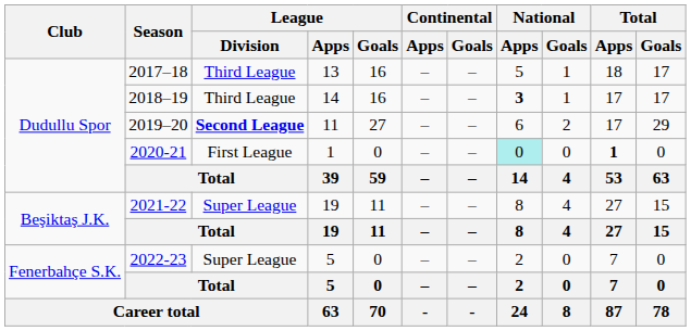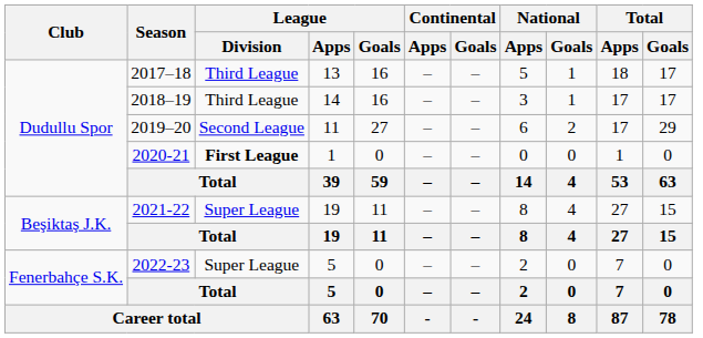 <table class="wikitable" style="text-align: center;">
 <tr>
 <th rowspan=2>Club</th>
 <th rowspan=2>Season</th>
 <th colspan=3>League</th>
 <th colspan=2>Continental</th>
 <th colspan=2>National</th>
 <th colspan=2>Total</th>
 </tr>
 <tr>
 <th>Division</th>
 <th>Apps</th>
 <th>Goals</th>
 <th>Apps</th>
 <th>Goals</th>
 <th>Apps</th>
 <th>Goals</th>
 <th>Apps</th>
 <th>Goals</th>
 </tr>
 <tr>
 <td rowspan=5><a href='#'>Dudullu Spor</a></td>
 <td>2017–18</td>
 <td><a href='#'>Third League</a></td>
 <td>13</td>
 <td>16</td>
 <td>–</td>
 <td>–</td>
 <td>5</td>
 <td>1</td>
 <td>18</td>
 <td>17</td>
 </tr>
 <tr>
 <td>2018–19</td>
 <td>Third League</td>
 <td>14</td>
 <td>16</td>
 <td>–</td>
 <td>–</td>
-<td><strong>3</strong></td>
+<td>3</td>
 <td>1</td>
 <td>17</td>
 <td>17</td>
 </tr>
 <tr>
 <td>2019–20</td>
-<td><strong><a href='#'>Second League</a></strong></td>
+<td><a href='#'>Second League</a></td>
 <td>11</td>
 <td>27</td>
 <td>–</td>
 <td>–</td>
 <td>6</td>
 <td>2</td>
 <td>17</td>
 <td>29</td>
 </tr>
 <tr>
 <td><a href='#'>2020-21</a></td>
-<td>First League</td>
+<td><strong>First League</strong></td>
 <td>1</td>
 <td>0</td>
 <td>–</td>
 <td>–</td>
-<td style="background: paleturquoise;">0</td>
 <td>0</td>
-<td><strong>1</strong></td>
+<td>0</td>
+<td>1</td>
 <td>0</td>
 </tr>
 <tr>
 <th colspan=2>Total</th>
 <th>39</th>
 <th>59</th>
 <th>–</th>
 <th>–</th>
 <th>14</th>
 <th>4</th>
 <th>53</th>
 <th>63</th>
 </tr>
 <tr>
 <td rowspan=2><a href='#'>Beşiktaş J.K.</a></td>
 <td><a href='#'>2021-22</a></td>
 <td><a href='#'>Super League</a></td>
 <td>19</td>
 <td>11</td>
 <td>–</td>
 <td>–</td>
 <td>8</td>
 <td>4</td>
 <td>27</td>
 <td>15</td>
 </tr>
 <tr>
 <th colspan=2>Total</th>
 <th>19</th>
 <th>11</th>
 <th>–</th>
 <th>–</th>
 <th>8</th>
 <th>4</th>
 <th>27</th>
 <th>15</th>
 </tr>
 <tr>
 <td rowspan=2><a href='#'>Fenerbahçe S.K.</a></td>
 <td><a href='#'>2022-23</a></td>
 <td>Super League</td>
 <td>5</td>
 <td>0</td>
 <td>–</td>
 <td>–</td>
 <td>2</td>
 <td>0</td>
 <td>7</td>
 <td>0</td>
 </tr>
 <tr>
 <th colspan=2>Total</th>
 <th>5</th>
 <th>0</th>
 <th>–</th>
 <th>–</th>
 <th>2</th>
 <th>0</th>
 <th>7</th>
 <th>0</th>
 </tr>
 <tr>
 <th colspan=3>Career total</th>
 <th>63</th>
 <th>70</th>
 <th>-</th>
 <th>-</th>
 <th>24</th>
 <th>8</th>
 <th>87</th>
 <th>78</th>
 </tr>
 </table>
